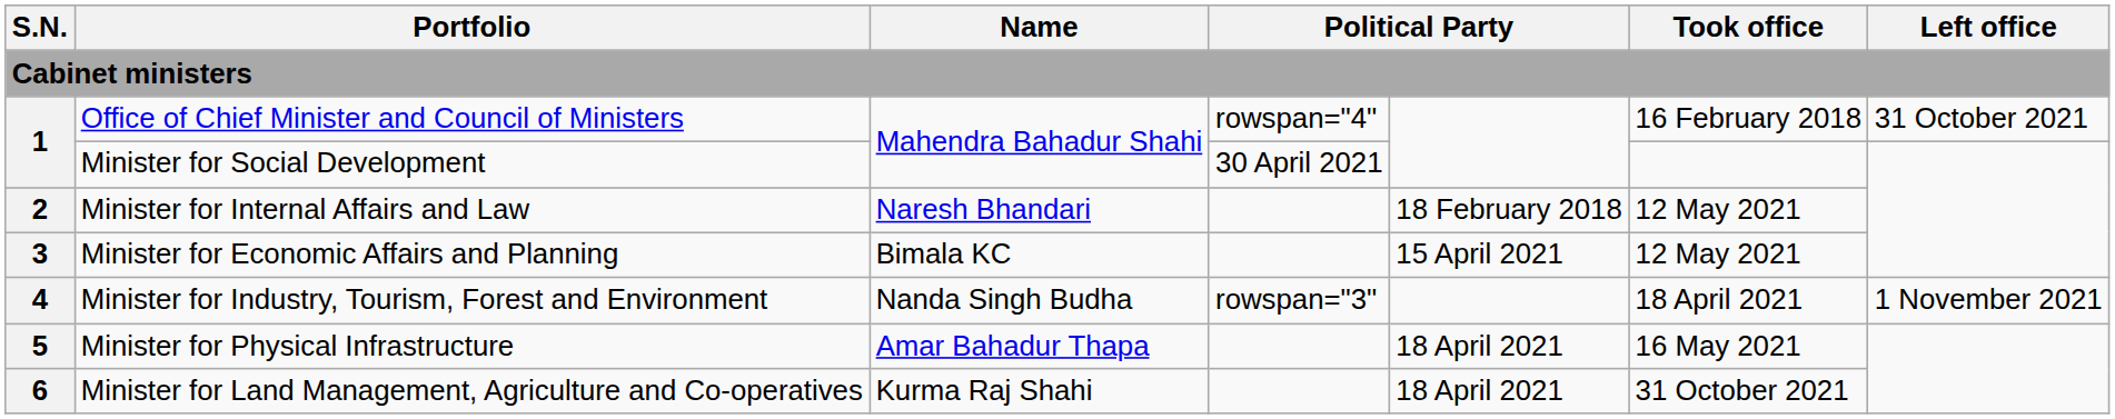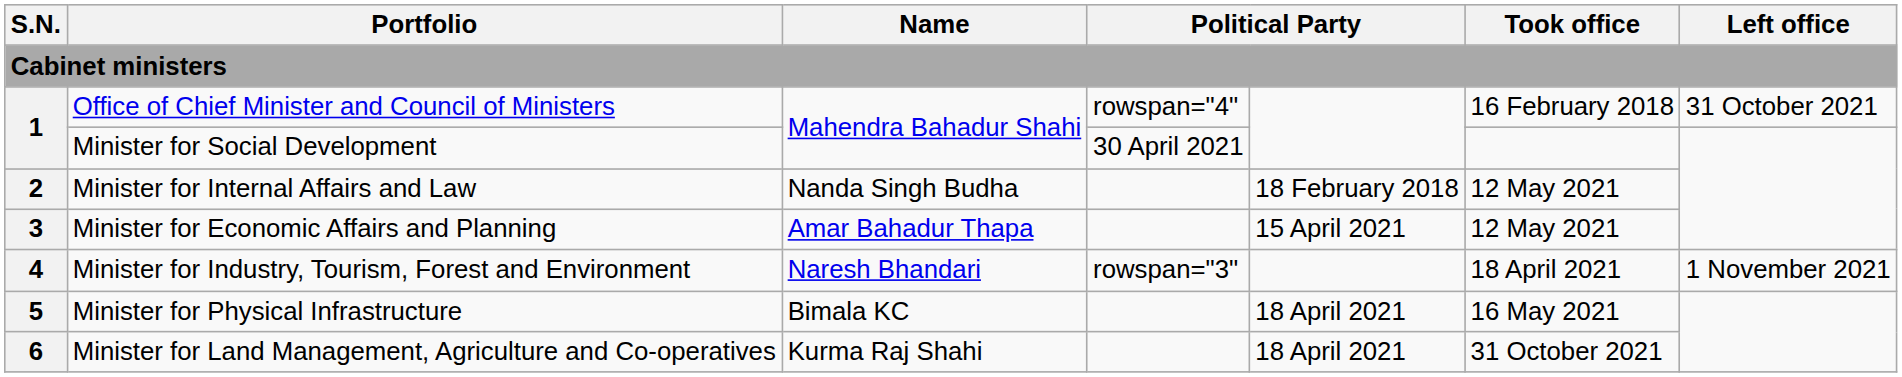 <table class="wikitable">
 <tr>
 <th>S.N.</th>
 <th>Portfolio</th>
 <th>Name<br></th>
 <th colspan="2">Political Party</th>
 <th>Took office</th>
 <th>Left office</th>
 </tr>
 <tr>
 <td colspan="7" bgcolor="darkgrey"><strong>Cabinet ministers</strong></td>
 </tr>
 <tr>
 <th rowspan="2">1</th>
 <td><a href='#'>Office of Chief Minister and Council of Ministers</a></td>
 <td rowspan="2"><a href='#'>Mahendra Bahadur Shahi</a><br></td>
 <td>rowspan="4" </td>
 <td rowspan="2"></td>
 <td>16 February 2018</td>
 <td>31 October 2021</td>
 </tr>
 <tr>
 <td>Minister for Social Development</td>
 <td>30 April 2021</td>
 <td></td>
 </tr>
 <tr>
 <th>2</th>
 <td>Minister for Internal Affairs and Law</td>
-<td><a href='#'>Naresh Bhandari</a><br></td>
+<td>Nanda Singh Budha<br></td>
 <td></td>
 <td>18 February 2018</td>
 <td>12 May 2021</td>
 </tr>
 <tr>
 <th>3</th>
 <td>Minister for Economic Affairs and Planning</td>
-<td>Bimala KC<br></td>
+<td><a href='#'>Amar Bahadur Thapa</a><br></td>
 <td></td>
 <td>15 April 2021</td>
 <td>12 May 2021</td>
 </tr>
 <tr>
 <th>4</th>
 <td>Minister for Industry, Tourism, Forest and Environment</td>
-<td>Nanda Singh Budha<br></td>
+<td><a href='#'>Naresh Bhandari</a><br></td>
 <td>rowspan="3" </td>
 <td></td>
 <td>18 April 2021</td>
 <td>1 November 2021</td>
 </tr>
 <tr>
 <th>5</th>
 <td>Minister for Physical Infrastructure</td>
-<td><a href='#'>Amar Bahadur Thapa</a><br></td>
+<td>Bimala KC<br></td>
 <td></td>
 <td>18 April 2021</td>
 <td>16 May 2021</td>
 </tr>
 <tr>
 <th>6</th>
 <td>Minister for Land Management, Agriculture and Co-operatives</td>
 <td>Kurma Raj Shahi<br></td>
 <td></td>
 <td>18 April 2021</td>
 <td>31 October 2021</td>
 </tr>
 </table>
